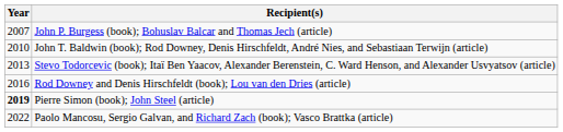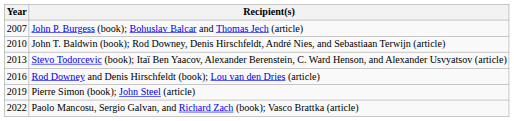 <table class="wikitable">
 <tr>
 <th>Year</th>
 <th>Recipient(s)</th>
 </tr>
 <tr>
 <td>2007</td>
 <td><a href='#'>John P. Burgess</a> (book); <a href='#'>Bohuslav Balcar</a> and <a href='#'>Thomas Jech</a> (article)</td>
 </tr>
 <tr>
 <td>2010</td>
 <td>John T. Baldwin (book); Rod Downey, Denis Hirschfeldt, André Nies, and Sebastiaan Terwijn (article)</td>
 </tr>
 <tr>
 <td>2013</td>
 <td><a href='#'>Stevo Todorcevic</a> (book); Itaï Ben Yaacov, Alexander Berenstein, C. Ward Henson, and Alexander Usvyatsov (article)</td>
 </tr>
 <tr>
 <td>2016</td>
 <td><a href='#'>Rod Downey</a> and Denis Hirschfeldt (book); <a href='#'>Lou van den Dries</a> (article)</td>
 </tr>
 <tr>
-<td><strong>2019</strong></td>
+<td>2019</td>
 <td>Pierre Simon (book); <a href='#'>John Steel</a> (article)</td>
 </tr>
 <tr>
 <td>2022</td>
 <td>Paolo Mancosu, Sergio Galvan, and <a href='#'>Richard Zach</a> (book); Vasco Brattka (article)</td>
 </tr>
 </table>
